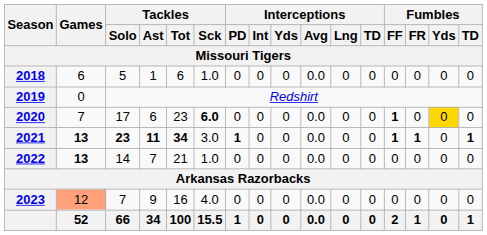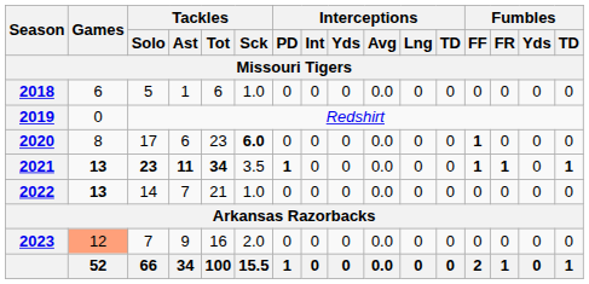 <table class="wikitable" style="text-align:center;">
 <tr>
 <th rowspan="2">Season</th>
 <th rowspan="2">Games</th>
 <th colspan="4">Tackles</th>
 <th colspan="6">Interceptions</th>
 <th colspan="4">Fumbles</th>
 </tr>
 <tr>
 <th>Solo</th>
 <th>Ast</th>
 <th>Tot</th>
 <th>Sck</th>
 <th>PD</th>
 <th>Int</th>
 <th>Yds</th>
 <th>Avg</th>
 <th>Lng</th>
 <th>TD</th>
 <th>FF</th>
 <th>FR</th>
 <th>Yds</th>
 <th>TD</th>
 </tr>
 <tr>
 <th colspan="20">Missouri Tigers</th>
 </tr>
 <tr>
 <th><a href='#'>2018</a></th>
 <td>6</td>
 <td>5</td>
 <td>1</td>
 <td>6</td>
 <td>1.0</td>
 <td>0</td>
 <td>0</td>
 <td>0</td>
 <td>0.0</td>
 <td>0</td>
 <td>0</td>
 <td>0</td>
 <td>0</td>
 <td>0</td>
 <td>0</td>
 </tr>
 <tr>
 <th><a href='#'>2019</a></th>
 <td>0</td>
 <td colspan="14"> <em><a href='#'>Redshirt</a></em></td>
 </tr>
 <tr>
 <th><a href='#'>2020</a></th>
-<td>7</td>
+<td>8</td>
 <td>17</td>
 <td>6</td>
 <td>23</td>
 <td><strong>6.0</strong></td>
 <td>0</td>
 <td>0</td>
 <td>0</td>
 <td>0.0</td>
 <td>0</td>
 <td>0</td>
 <td><strong>1</strong></td>
 <td>0</td>
-<td style="background: gold;">0</td>
+<td>0</td>
 <td>0</td>
 </tr>
 <tr>
 <th><a href='#'>2021</a></th>
 <td><strong>13</strong></td>
 <td><strong>23</strong></td>
 <td><strong>11</strong></td>
 <td><strong>34</strong></td>
-<td>3.0</td>
+<td>3.5</td>
 <td><strong>1</strong></td>
 <td>0</td>
 <td>0</td>
 <td>0.0</td>
 <td>0</td>
 <td>0</td>
 <td><strong>1</strong></td>
 <td><strong>1</strong></td>
 <td>0</td>
 <td><strong>1</strong></td>
 </tr>
 <tr>
 <th><a href='#'>2022</a></th>
 <td><strong>13</strong></td>
 <td>14</td>
 <td>7</td>
 <td>21</td>
 <td>1.0</td>
 <td>0</td>
 <td>0</td>
 <td>0</td>
 <td>0.0</td>
 <td>0</td>
 <td>0</td>
 <td>0</td>
 <td>0</td>
 <td>0</td>
 <td>0</td>
 </tr>
 <tr>
 <th colspan="20">Arkansas Razorbacks</th>
 </tr>
 <tr>
 <th><a href='#'>2023</a></th>
 <td style="background: lightsalmon;">12</td>
 <td>7</td>
 <td>9</td>
 <td>16</td>
-<td>4.0</td>
+<td>2.0</td>
 <td>0</td>
 <td>0</td>
 <td>0</td>
 <td>0.0</td>
 <td>0</td>
 <td>0</td>
 <td>0</td>
 <td>0</td>
 <td>0</td>
 <td>0</td>
 </tr>
 <tr>
 <th></th>
 <th>52</th>
 <th>66</th>
 <th>34</th>
 <th>100</th>
 <th>15.5</th>
 <th>1</th>
 <th>0</th>
 <th>0</th>
 <th>0.0</th>
 <th>0</th>
 <th>0</th>
 <th>2</th>
 <th>1</th>
 <th>0</th>
 <th>1</th>
 </tr>
 </table>
